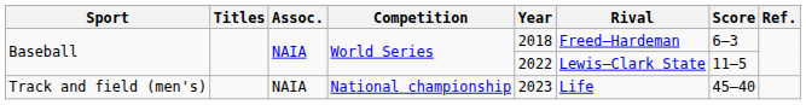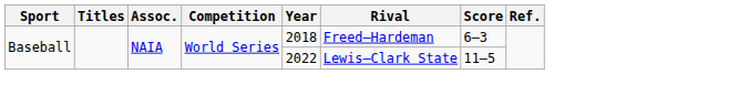 <table class="wikitable"; style= "text-align: ">
 <tr>
 <th width=px>Sport</th>
 <th width=px>Titles</th>
 <th width=px>Assoc.</th>
 <th width=px>Competition</th>
 <th width=px>Year</th>
 <th width=px>Rival</th>
 <th width=px>Score</th>
 <th width=px>Ref.</th>
 </tr>
 <tr>
 <td rowspan=2>Baseball</td>
 <td rowspan=2></td>
 <td rowspan=2><a href='#'>NAIA</a></td>
 <td rowspan=2><a href='#'>World Series</a></td>
 <td>2018</td>
 <td><a href='#'>Freed–Hardeman</a></td>
 <td>6–3</td>
 <td rowspan=2></td>
 </tr>
 <tr>
 <td>2022</td>
 <td><a href='#'>Lewis–Clark State</a></td>
 <td>11–5</td>
 </tr>
-<tr>
-<td>Track and field (men's)</td>
-<td></td>
-<td>NAIA</td>
-<td><a href='#'>National championship</a></td>
-<td>2023</td>
-<td><a href='#'>Life</a></td>
-<td>45–40</td>
-<td></td>
-</tr>
 </table>
